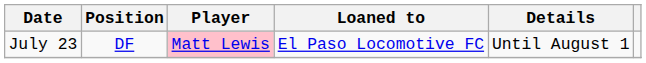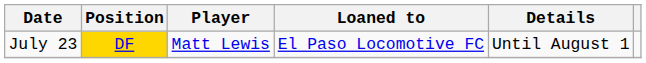 <table class="wikitable">
 <tr>
 <th>Date</th>
 <th style="text-align:center;">Position</th>
 <th>Player</th>
 <th>Loaned to</th>
 <th>Details</th>
 <th style="text-align:center;"></th>
 </tr>
 <tr>
 <td>July 23</td>
-<td style="text-align:center;"><a href='#'>DF</a></td>
-<td style="background: pink;"> <a href='#'>Matt Lewis</a></td>
+<td style="background: gold; text-align:center;"><a href='#'>DF</a></td>
+<td> <a href='#'>Matt Lewis</a></td>
 <td><a href='#'>El Paso Locomotive FC</a></td>
 <td>Until August 1</td>
 <td style="text-align:center;"></td>
 </tr>
 <tr>
 </tr>
 </table>
